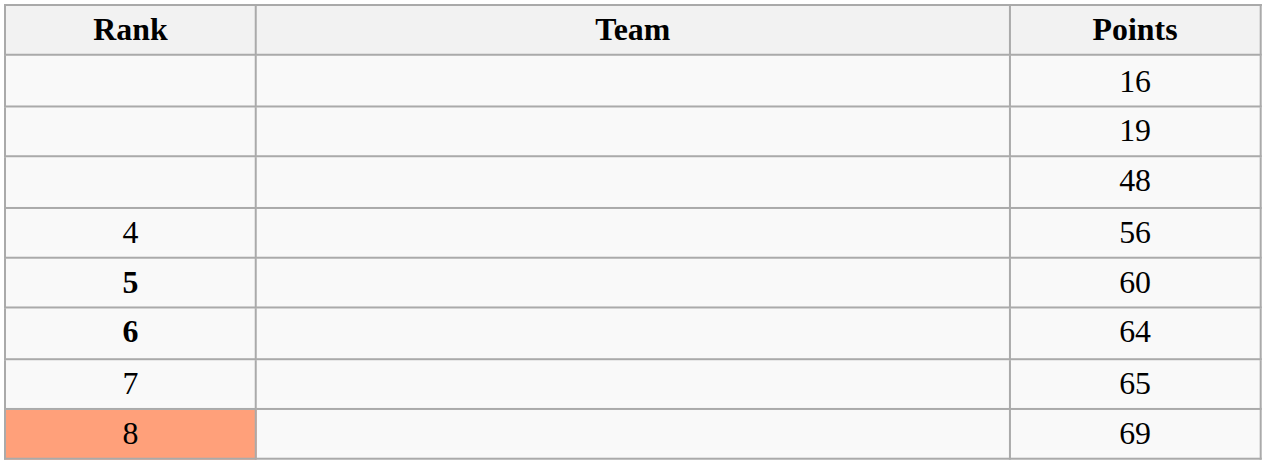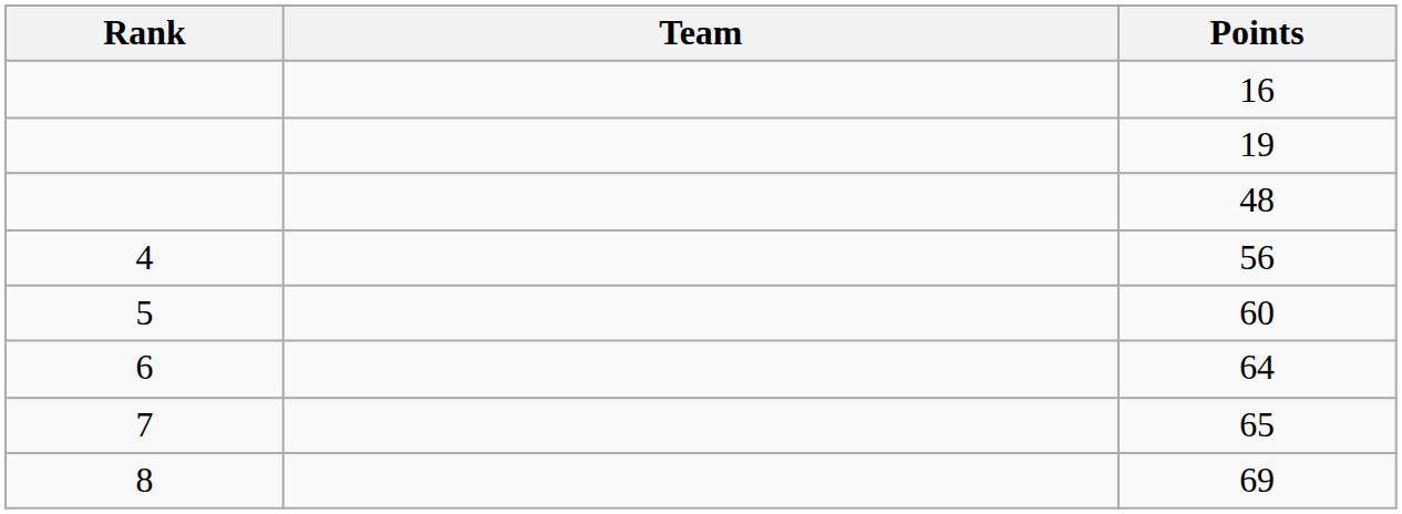 <table class="wikitable" width=50%>
 <tr>
 </tr>
 <tr>
 <th width=10%>Rank</th>
 <th width=30%>Team</th>
 <th width=10%>Points</th>
 </tr>
 <tr align="center">
 <td></td>
 <td align="left"></td>
 <td>16</td>
 </tr>
 <tr align="center">
 <td></td>
 <td align="left"></td>
 <td>19</td>
 </tr>
 <tr align="center">
 <td></td>
 <td align="left"></td>
 <td>48</td>
 </tr>
 <tr align="center">
 <td>4</td>
 <td align="left"></td>
 <td>56</td>
 </tr>
 <tr align="center">
-<td><strong>5</strong></td>
+<td>5</td>
 <td align="left"></td>
 <td>60</td>
 </tr>
 <tr align="center">
-<td><strong>6</strong></td>
+<td>6</td>
 <td align="left"></td>
 <td>64</td>
 </tr>
 <tr align="center">
 <td>7</td>
 <td align="left"></td>
 <td>65</td>
 </tr>
 <tr align="center">
-<td style="background: lightsalmon;">8</td>
+<td>8</td>
 <td align="left"></td>
 <td>69</td>
 </tr>
 </table>
